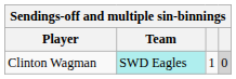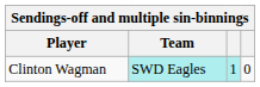 <table class="wikitable collapsible sortable" style="text-align:center; line-height:130%; font-size:90%; width:40%;">
 <tr>
 <th colspan="100%">Sendings-off and multiple sin-binnings</th>
 </tr>
 <tr>
 <th style="width:50%;">Player</th>
 <th style="width:40%;">Team</th>
 <th style="width:5%;"></th>
 <th style="width:5%;"><br></th>
 </tr>
 <tr>
 <td style="text-align:left;">Clinton Wagman</td>
 <td style="background: paleturquoise; text-align:left;">SWD Eagles</td>
-<td>1</td>
-<td style="background: lightgrey;">0</td>
+<td style="background: paleturquoise;">1</td>
+<td>0</td>
 </tr>
 </table>
